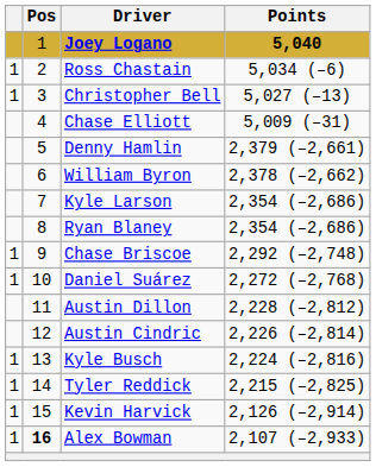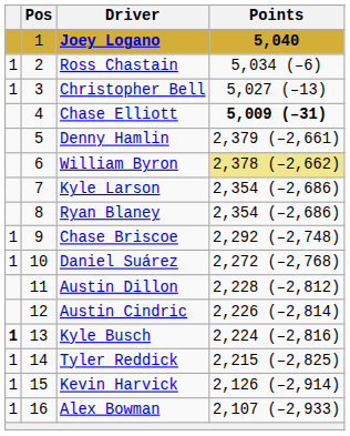 <table class="wikitable" style="font-size: 95%;">
 <tr>
 <th></th>
 <th>Pos</th>
 <th>Driver</th>
 <th>Points</th>
 </tr>
 <tr style="background:#D4AF37;">
 <td align="left"></td>
 <td style="text-align:center;">1</td>
 <td><strong><a href='#'>Joey Logano</a></strong></td>
 <td style="text-align:center;"><strong>5,040</strong></td>
 </tr>
 <tr>
 <td align="left"> 1</td>
 <td style="text-align:center;">2</td>
 <td><a href='#'>Ross Chastain</a></td>
 <td style="text-align:center;">5,034 (–6)</td>
 </tr>
 <tr>
 <td align="left"> 1</td>
 <td style="text-align:center;">3</td>
 <td><a href='#'>Christopher Bell</a></td>
 <td style="text-align:center;">5,027 (–13)</td>
 </tr>
 <tr>
 <td align="left"></td>
 <td style="text-align:center;">4</td>
 <td><a href='#'>Chase Elliott</a></td>
-<td style="text-align:center;">5,009 (–31)</td>
+<td style="text-align:center;"><strong>5,009 (–31)</strong></td>
 </tr>
 <tr>
 <td align="left"></td>
 <td style="text-align:center;">5</td>
 <td><a href='#'>Denny Hamlin</a></td>
 <td style="text-align:center;">2,379 (–2,661)</td>
 </tr>
 <tr>
 <td align="left"></td>
 <td style="text-align:center;">6</td>
 <td><a href='#'>William Byron</a></td>
-<td style="text-align:center;">2,378 (–2,662)</td>
+<td style="background: khaki; text-align:center;">2,378 (–2,662)</td>
 </tr>
 <tr>
 <td align="left"></td>
 <td style="text-align:center;">7</td>
 <td><a href='#'>Kyle Larson</a></td>
 <td style="text-align:center;">2,354 (–2,686)</td>
 </tr>
 <tr>
 <td align="left"></td>
 <td style="text-align:center;">8</td>
 <td><a href='#'>Ryan Blaney</a></td>
 <td style="text-align:center;">2,354 (–2,686)</td>
 </tr>
 <tr>
 <td align="left"> 1</td>
 <td style="text-align:center;">9</td>
 <td><a href='#'>Chase Briscoe</a></td>
 <td style="text-align:center;">2,292 (–2,748)</td>
 </tr>
 <tr>
 <td align="left"> 1</td>
 <td style="text-align:center;">10</td>
 <td><a href='#'>Daniel Suárez</a></td>
 <td style="text-align:center;">2,272 (–2,768)</td>
 </tr>
 <tr>
 <td align="left"></td>
 <td style="text-align:center;">11</td>
 <td><a href='#'>Austin Dillon</a></td>
 <td style="text-align:center;">2,228 (–2,812)</td>
 </tr>
 <tr>
 <td align="left"></td>
 <td style="text-align:center;">12</td>
 <td><a href='#'>Austin Cindric</a></td>
 <td style="text-align:center;">2,226 (–2,814)</td>
 </tr>
 <tr>
-<td align="left"> 1</td>
+<td align="left"><strong> 1</strong></td>
 <td style="text-align:center;">13</td>
 <td><a href='#'>Kyle Busch</a></td>
 <td style="text-align:center;">2,224 (–2,816)</td>
 </tr>
 <tr>
 <td align="left"> 1</td>
 <td style="text-align:center;">14</td>
 <td><a href='#'>Tyler Reddick</a></td>
 <td style="text-align:center;">2,215 (–2,825)</td>
 </tr>
 <tr>
 <td align="left"> 1</td>
 <td style="text-align:center;">15</td>
 <td><a href='#'>Kevin Harvick</a></td>
 <td style="text-align:center;">2,126 (–2,914)</td>
 </tr>
 <tr>
 <td align="left"> 1</td>
-<td style="text-align:center;"><strong>16</strong></td>
+<td style="text-align:center;">16</td>
 <td><a href='#'>Alex Bowman</a></td>
 <td style="text-align:center;">2,107 (–2,933)</td>
 </tr>
 <tr class="sortbottom">
 <th colspan="9"></th>
 </tr>
 </table>
